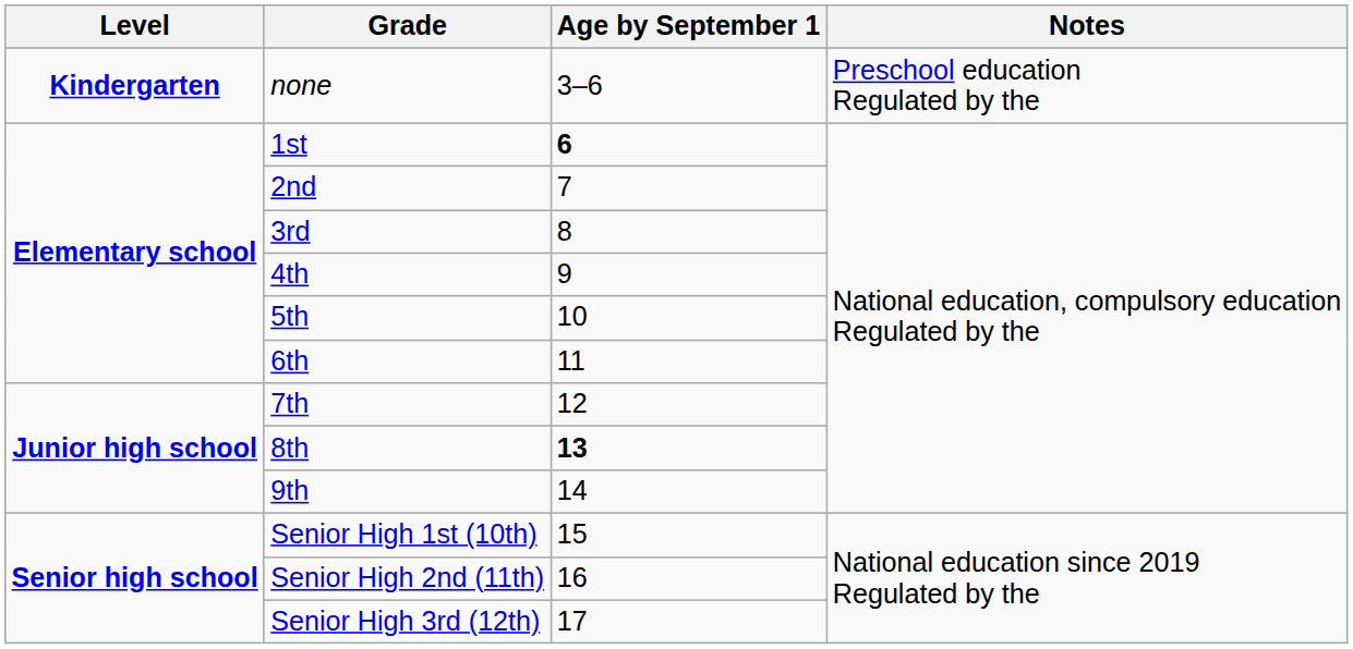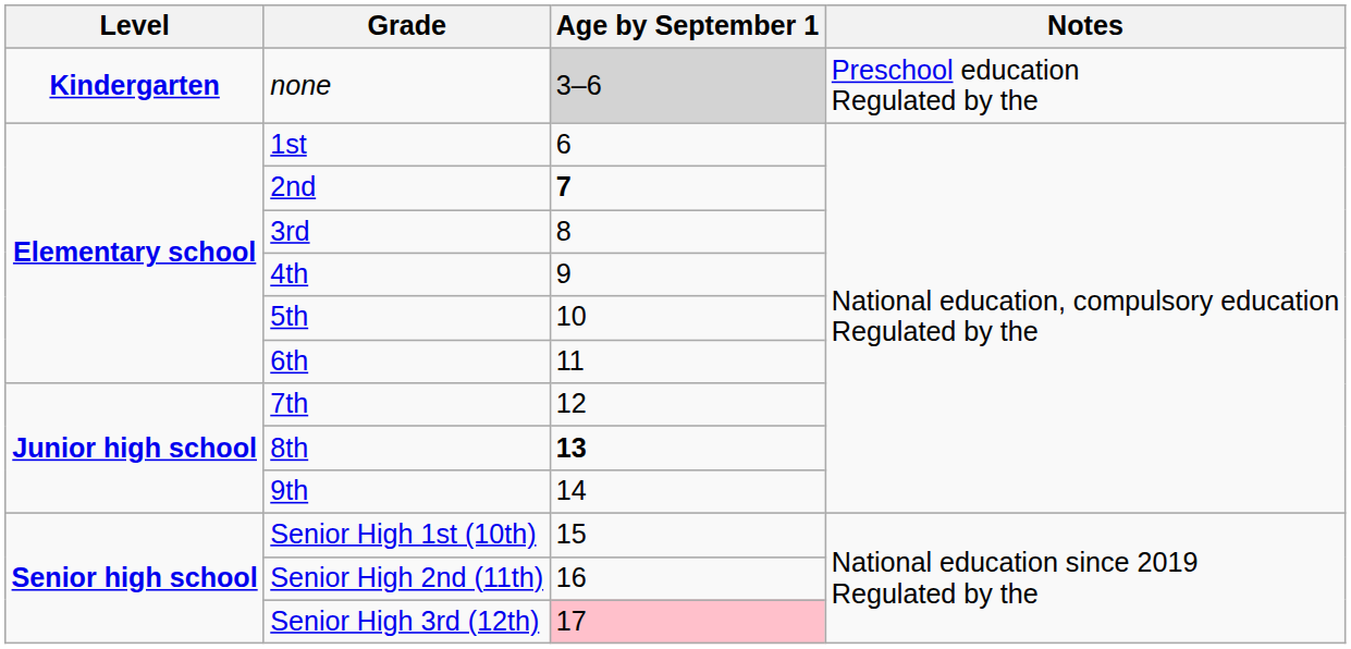 <table class=wikitable>
 <tr>
 <th>Level</th>
 <th>Grade</th>
 <th>Age by September 1</th>
 <th>Notes</th>
 </tr>
 <tr>
 <td align=center><strong><a href='#'>Kindergarten</a></strong></td>
 <td><em>none</em></td>
-<td>3–6</td>
+<td style="background: lightgrey;">3–6</td>
 <td><a href='#'>Preschool</a> education<br>Regulated by the </td>
 </tr>
 <tr>
 <td rowspan=6 align=center><strong><a href='#'>Elementary school</a></strong></td>
 <td><a href='#'>1st</a></td>
-<td><strong>6</strong></td>
+<td>6</td>
 <td rowspan=9>National education, compulsory education<br>Regulated by the </td>
 </tr>
 <tr>
 <td><a href='#'>2nd</a></td>
-<td>7</td>
+<td><strong>7</strong></td>
 </tr>
 <tr>
 <td><a href='#'>3rd</a></td>
 <td>8</td>
 </tr>
 <tr>
 <td><a href='#'>4th</a></td>
 <td>9</td>
 </tr>
 <tr>
 <td><a href='#'>5th</a></td>
 <td>10</td>
 </tr>
 <tr>
 <td><a href='#'>6th</a></td>
 <td>11</td>
 </tr>
 <tr>
 <td rowspan=3 align=center><strong><a href='#'>Junior high school</a></strong></td>
 <td><a href='#'>7th</a></td>
 <td>12</td>
 </tr>
 <tr>
 <td><a href='#'>8th</a></td>
 <td><strong>13</strong></td>
 </tr>
 <tr>
 <td><a href='#'>9th</a></td>
 <td>14</td>
 </tr>
 <tr>
 <td rowspan=3 align=center><strong><a href='#'>Senior high school</a></strong></td>
 <td><a href='#'>Senior High 1st (10th)</a></td>
 <td>15</td>
 <td rowspan=3>National education since 2019<br>Regulated by the </td>
 </tr>
 <tr>
 <td><a href='#'>Senior High 2nd (11th)</a></td>
 <td>16</td>
 </tr>
 <tr>
 <td><a href='#'>Senior High 3rd (12th)</a></td>
-<td>17</td>
+<td style="background: pink;">17</td>
 </tr>
 </table>
